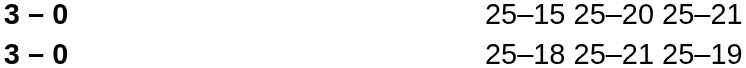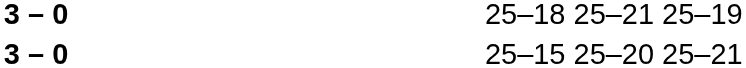 <table>
 <tr>
 <th width=200></th>
 <th width=80></th>
 <th width=200></th>
 <th width=220></th>
 </tr>
 <tr>
 <td align=right><strong></strong></td>
 <td align=center><strong>3 – 0</strong></td>
 <td></td>
-<td>25–15 25–20 25–21</td>
+<td>25–18 25–21 25–19</td>
 </tr>
 <tr>
 <td align=right><strong></strong></td>
 <td align=center><strong>3 – 0</strong></td>
 <td></td>
-<td>25–18 25–21 25–19</td>
+<td>25–15 25–20 25–21</td>
 </tr>
 </table>
